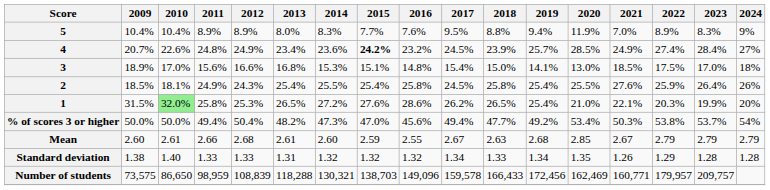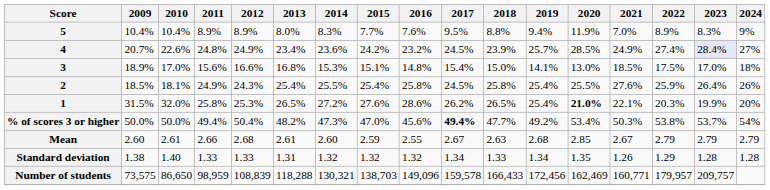 <table class="wikitable">
 <tr>
 <th>Score</th>
 <th>2009</th>
 <th>2010</th>
 <th>2011</th>
 <th>2012</th>
 <th>2013</th>
 <th>2014</th>
 <th>2015</th>
 <th>2016</th>
 <th>2017</th>
 <th>2018</th>
 <th>2019</th>
 <th>2020</th>
 <th>2021</th>
 <th>2022</th>
 <th>2023</th>
 <th>2024</th>
 </tr>
 <tr>
 <th>5</th>
 <td>10.4%</td>
 <td>10.4%</td>
 <td>8.9%</td>
 <td>8.9%</td>
 <td>8.0%</td>
 <td>8.3%</td>
 <td>7.7%</td>
 <td>7.6%</td>
 <td>9.5%</td>
 <td>8.8%</td>
 <td>9.4%</td>
 <td>11.9%</td>
 <td>7.0%</td>
 <td>8.9%</td>
 <td>8.3%</td>
 <td>9%</td>
 </tr>
 <tr>
 <th>4</th>
 <td>20.7%</td>
 <td>22.6%</td>
 <td>24.8%</td>
 <td>24.9%</td>
 <td>23.4%</td>
 <td>23.6%</td>
-<td><strong>24.2%</strong></td>
+<td>24.2%</td>
 <td>23.2%</td>
 <td>24.5%</td>
 <td>23.9%</td>
 <td>25.7%</td>
 <td>28.5%</td>
 <td>24.9%</td>
 <td>27.4%</td>
-<td>28.4%</td>
+<td style="background: lavender;">28.4%</td>
 <td>27%</td>
 </tr>
 <tr>
 <th>3</th>
 <td>18.9%</td>
 <td>17.0%</td>
 <td>15.6%</td>
 <td>16.6%</td>
 <td>16.8%</td>
 <td>15.3%</td>
 <td>15.1%</td>
 <td>14.8%</td>
 <td>15.4%</td>
 <td>15.0%</td>
 <td>14.1%</td>
 <td>13.0%</td>
 <td>18.5%</td>
 <td>17.5%</td>
 <td>17.0%</td>
 <td>18%</td>
 </tr>
 <tr>
 <th>2</th>
 <td>18.5%</td>
 <td>18.1%</td>
 <td>24.9%</td>
 <td>24.3%</td>
 <td>25.4%</td>
 <td>25.5%</td>
 <td>25.4%</td>
 <td>25.8%</td>
 <td>24.5%</td>
 <td>25.8%</td>
 <td>25.4%</td>
 <td>25.5%</td>
 <td>27.6%</td>
 <td>25.9%</td>
 <td>26.4%</td>
 <td>26%</td>
 </tr>
 <tr>
 <th>1</th>
 <td>31.5%</td>
-<td style="background: lightgreen;">32.0%</td>
+<td>32.0%</td>
 <td>25.8%</td>
 <td>25.3%</td>
 <td>26.5%</td>
 <td>27.2%</td>
 <td>27.6%</td>
 <td>28.6%</td>
 <td>26.2%</td>
 <td>26.5%</td>
 <td>25.4%</td>
-<td>21.0%</td>
+<td><strong>21.0%</strong></td>
 <td>22.1%</td>
 <td>20.3%</td>
 <td>19.9%</td>
 <td>20%</td>
 </tr>
 <tr>
 <th>% of scores 3 or higher</th>
 <td>50.0%</td>
 <td>50.0%</td>
 <td>49.4%</td>
 <td>50.4%</td>
 <td>48.2%</td>
 <td>47.3%</td>
 <td>47.0%</td>
 <td>45.6%</td>
-<td>49.4%</td>
+<td><strong>49.4%</strong></td>
 <td>47.7%</td>
 <td>49.2%</td>
 <td>53.4%</td>
 <td>50.3%</td>
 <td>53.8%</td>
 <td>53.7%</td>
 <td>54%</td>
 </tr>
 <tr>
 <th>Mean</th>
 <td>2.60</td>
 <td>2.61</td>
 <td>2.66</td>
 <td>2.68</td>
 <td>2.61</td>
 <td>2.60</td>
 <td>2.59</td>
 <td>2.55</td>
 <td>2.67</td>
 <td>2.63</td>
 <td>2.68</td>
 <td>2.85</td>
 <td>2.67</td>
 <td>2.79</td>
 <td>2.79</td>
 <td>2.79</td>
 </tr>
 <tr>
 <th>Standard deviation</th>
 <td>1.38</td>
 <td>1.40</td>
 <td>1.33</td>
 <td>1.33</td>
 <td>1.31</td>
 <td>1.32</td>
 <td>1.32</td>
 <td>1.32</td>
 <td>1.34</td>
 <td>1.33</td>
 <td>1.34</td>
 <td>1.35</td>
 <td>1.26</td>
 <td>1.29</td>
 <td>1.28</td>
 <td>1.28</td>
 </tr>
 <tr>
 <th>Number of students</th>
 <td>73,575</td>
 <td>86,650</td>
 <td>98,959</td>
 <td>108,839</td>
 <td>118,288</td>
 <td>130,321</td>
 <td>138,703</td>
 <td>149,096</td>
 <td>159,578</td>
 <td>166,433</td>
 <td>172,456</td>
 <td>162,469</td>
 <td>160,771</td>
 <td>179,957</td>
 <td>209,757</td>
 <td></td>
 </tr>
 <tr>
 </tr>
 </table>
